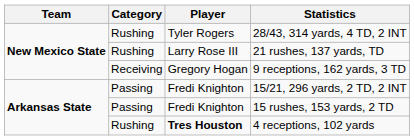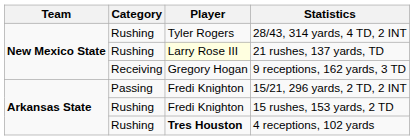 <table class="wikitable" style="float: left;">
 <tr>
 <th>Team</th>
 <th>Category</th>
 <th>Player</th>
 <th>Statistics</th>
 </tr>
 <tr>
 <td rowspan=3><strong>New Mexico State</strong></td>
 <td>Rushing</td>
 <td>Tyler Rogers</td>
 <td>28/43, 314 yards, 4 TD, 2 INT</td>
 </tr>
 <tr>
 <td>Rushing</td>
-<td>Larry Rose III</td>
+<td style="background: lightyellow;">Larry Rose III</td>
 <td>21 rushes, 137 yards, TD</td>
 </tr>
 <tr>
 <td>Receiving</td>
 <td>Gregory Hogan</td>
 <td>9 receptions, 162 yards, 3 TD</td>
 </tr>
 <tr>
 <td rowspan=3><strong>Arkansas State</strong></td>
 <td>Passing</td>
 <td>Fredi Knighton</td>
 <td>15/21, 296 yards, 2 TD, 2 INT</td>
 </tr>
 <tr>
-<td>Passing</td>
+<td>Rushing</td>
 <td>Fredi Knighton</td>
 <td>15 rushes, 153 yards, 2 TD</td>
 </tr>
 <tr>
 <td>Rushing</td>
 <td><strong>Tres Houston</strong></td>
 <td>4 receptions, 102 yards</td>
 </tr>
 </table>
